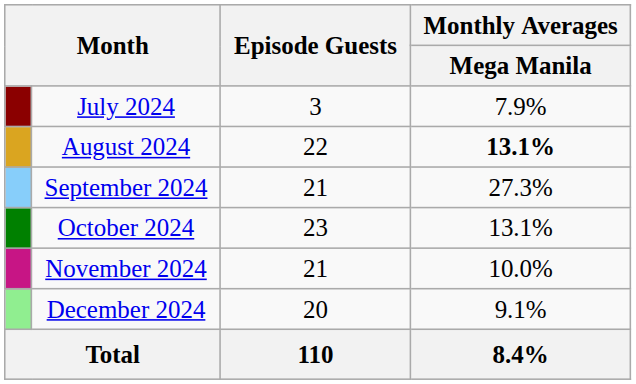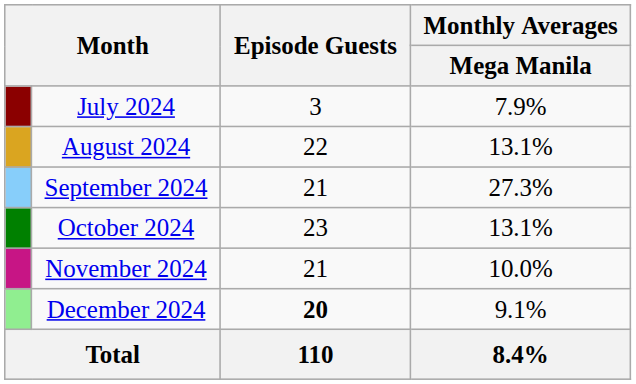 <table class="wikitable plainrowheaders" style="text-align: center; line-height:25px;">
 <tr class="wikitable" style="text-align: center;">
 <th colspan="2" rowspan="2" style="padding: 0 8px;">Month</th>
 <th rowspan="2" style="padding: 0 8px;">Episode Guests</th>
 <th colspan="2" style="padding: 0 8px;">Monthly Averages</th>
 </tr>
 <tr>
 <th style="padding: 0 8px;">Mega Manila</th>
 </tr>
 <tr>
 <td style="padding: 0 8px; background:#8B0000;"></td>
 <td style="padding: 0 8px;" '><a href='#'> July 2024</a></td>
 <td style="padding: 0 8px;">3</td>
 <td style="padding: 0 8px;">7.9%</td>
 </tr>
 <tr>
 <td style="padding: 0 8px; background:#DAA520;"></td>
 <td style="padding: 0 8px;" '><a href='#'> August 2024</a></td>
 <td style="padding: 0 8px;">22</td>
-<td style="padding: 0 8px;"><strong>13.1%</strong></td>
+<td style="padding: 0 8px;">13.1%</td>
 </tr>
 <tr>
 <td style="padding: 0 8px; background:#87CEFA;"></td>
 <td style="padding: 0 8px;" '><a href='#'> September 2024</a></td>
 <td style="padding: 0 8px;">21</td>
 <td style="padding: 0 8px;">27.3%</td>
 </tr>
 <tr>
 <td style="padding: 0 8px; background:#008000;"></td>
 <td style="padding: 0 8px;" '><a href='#'> October 2024</a></td>
 <td style="padding: 0 8px;">23</td>
 <td style="padding: 0 8px;">13.1%</td>
 </tr>
 <tr>
 <td style="padding: 0 8px; background:#C71585;"></td>
 <td style="padding: 0 8px;" '><a href='#'> November 2024</a></td>
 <td style="padding: 0 8px;">21</td>
 <td style="padding: 0 8px;">10.0%</td>
 </tr>
 <tr>
 <td style="padding: 0 8px; background:#90EE90;"></td>
 <td style="padding: 0 8px;" '><a href='#'> December 2024</a></td>
-<td style="padding: 0 8px;">20</td>
+<td style="padding: 0 8px;"><strong>20</strong></td>
 <td style="padding: 0 8px;">9.1%</td>
 </tr>
 <tr>
 <th colspan="2">Total</th>
 <th colspan="1">110</th>
 <th colspan="2">8.4%</th>
 </tr>
 </table>
